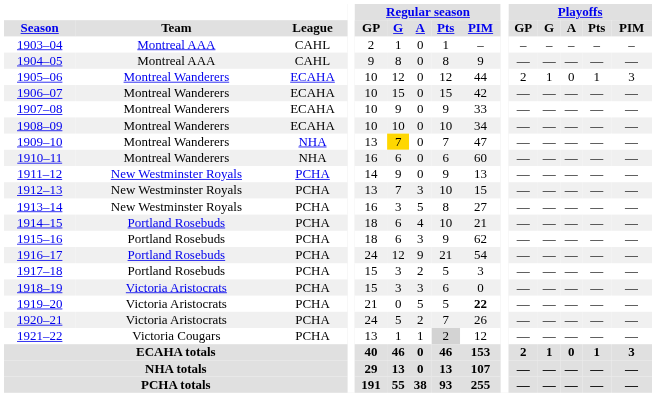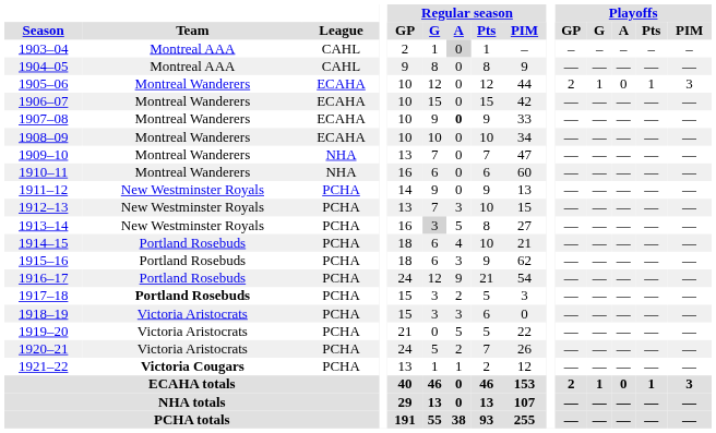 <table border="0" cellpadding="1" cellspacing="0" style="text-align:center; width:50em">
 <tr bgcolor="#e0e0e0">
 <th colspan="3" bgcolor="#ffffff"> </th>
 <th rowspan="99" bgcolor="#ffffff"> </th>
 <th colspan="5"><a href='#'>Regular season</a></th>
 <th rowspan="99" bgcolor="#ffffff"> </th>
 <th colspan="5"><a href='#'>Playoffs</a></th>
 </tr>
 <tr bgcolor="#e0e0e0">
 <th><a href='#'>Season</a></th>
 <th>Team</th>
 <th>League</th>
 <th>GP</th>
 <th><a href='#'>G</a></th>
 <th><a href='#'>A</a></th>
 <th><a href='#'>Pts</a></th>
 <th><a href='#'>PIM</a></th>
 <th>GP</th>
 <th>G</th>
 <th>A</th>
 <th>Pts</th>
 <th>PIM</th>
 </tr>
 <tr>
 <td><a href='#'>1903–04</a></td>
 <td><a href='#'>Montreal AAA</a></td>
 <td>CAHL</td>
 <td>2</td>
 <td>1</td>
-<td>0</td>
+<td style="background: lightgrey;">0</td>
 <td>1</td>
 <td>–</td>
 <td>–</td>
 <td>–</td>
 <td>–</td>
 <td>–</td>
 <td>–</td>
 </tr>
 <tr bgcolor="#f0f0f0">
 <td><a href='#'>1904–05</a></td>
 <td>Montreal AAA</td>
 <td>CAHL</td>
 <td>9</td>
 <td>8</td>
 <td>0</td>
 <td>8</td>
 <td>9</td>
 <td>—</td>
 <td>—</td>
 <td>—</td>
 <td>—</td>
 <td>—</td>
 </tr>
 <tr>
 <td><a href='#'>1905–06</a></td>
 <td><a href='#'>Montreal Wanderers</a></td>
 <td><a href='#'>ECAHA</a></td>
 <td>10</td>
 <td>12</td>
 <td>0</td>
 <td>12</td>
 <td>44</td>
 <td>2</td>
 <td>1</td>
 <td>0</td>
 <td>1</td>
 <td>3</td>
 </tr>
 <tr bgcolor="#f0f0f0">
 <td><a href='#'>1906–07</a></td>
 <td>Montreal Wanderers</td>
 <td>ECAHA</td>
 <td>10</td>
 <td>15</td>
 <td>0</td>
 <td>15</td>
 <td>42</td>
 <td>—</td>
 <td>—</td>
 <td>—</td>
 <td>—</td>
 <td>—</td>
 </tr>
 <tr>
 <td><a href='#'>1907–08</a></td>
 <td>Montreal Wanderers</td>
 <td>ECAHA</td>
 <td>10</td>
 <td>9</td>
-<td>0</td>
+<td><strong>0</strong></td>
 <td>9</td>
 <td>33</td>
 <td>—</td>
 <td>—</td>
 <td>—</td>
 <td>—</td>
 <td>—</td>
 </tr>
 <tr bgcolor="#f0f0f0">
 <td><a href='#'>1908–09</a></td>
 <td>Montreal Wanderers</td>
 <td>ECAHA</td>
 <td>10</td>
 <td>10</td>
 <td>0</td>
 <td>10</td>
 <td>34</td>
 <td>—</td>
 <td>—</td>
 <td>—</td>
 <td>—</td>
 <td>—</td>
 </tr>
 <tr>
 <td><a href='#'>1909–10</a></td>
 <td>Montreal Wanderers</td>
 <td><a href='#'>NHA</a></td>
 <td>13</td>
-<td style="background: gold;">7</td>
+<td>7</td>
 <td>0</td>
 <td>7</td>
 <td>47</td>
 <td>—</td>
 <td>—</td>
 <td>—</td>
 <td>—</td>
 <td>—</td>
 </tr>
 <tr bgcolor="#f0f0f0">
 <td><a href='#'>1910–11</a></td>
 <td>Montreal Wanderers</td>
 <td>NHA</td>
 <td>16</td>
 <td>6</td>
 <td>0</td>
 <td>6</td>
 <td>60</td>
 <td>—</td>
 <td>—</td>
 <td>—</td>
 <td>—</td>
 <td>—</td>
 </tr>
 <tr>
 <td><a href='#'>1911–12</a></td>
 <td><a href='#'>New Westminster Royals</a></td>
 <td><a href='#'>PCHA</a></td>
 <td>14</td>
 <td>9</td>
 <td>0</td>
 <td>9</td>
 <td>13</td>
 <td>—</td>
 <td>—</td>
 <td>—</td>
 <td>—</td>
 <td>—</td>
 </tr>
 <tr bgcolor="#f0f0f0">
 <td><a href='#'>1912–13</a></td>
 <td>New Westminster Royals</td>
 <td>PCHA</td>
 <td>13</td>
 <td>7</td>
 <td>3</td>
 <td>10</td>
 <td>15</td>
 <td>—</td>
 <td>—</td>
 <td>—</td>
 <td>—</td>
 <td>—</td>
 </tr>
 <tr>
 <td><a href='#'>1913–14</a></td>
 <td>New Westminster Royals</td>
 <td>PCHA</td>
 <td>16</td>
-<td>3</td>
+<td style="background: lightgrey;">3</td>
 <td>5</td>
 <td>8</td>
 <td>27</td>
 <td>—</td>
 <td>—</td>
 <td>—</td>
 <td>—</td>
 <td>—</td>
 </tr>
 <tr bgcolor="#f0f0f0">
 <td><a href='#'>1914–15</a></td>
 <td><a href='#'>Portland Rosebuds</a></td>
 <td>PCHA</td>
 <td>18</td>
 <td>6</td>
 <td>4</td>
 <td>10</td>
 <td>21</td>
 <td>—</td>
 <td>—</td>
 <td>—</td>
 <td>—</td>
 <td>—</td>
 </tr>
 <tr>
 <td><a href='#'>1915–16</a></td>
 <td>Portland Rosebuds</td>
 <td>PCHA</td>
 <td>18</td>
 <td>6</td>
 <td>3</td>
 <td>9</td>
 <td>62</td>
 <td>—</td>
 <td>—</td>
 <td>—</td>
 <td>—</td>
 <td>—</td>
 </tr>
 <tr bgcolor="#f0f0f0">
 <td><a href='#'>1916–17</a></td>
 <td><a href='#'>Portland Rosebuds</a></td>
 <td>PCHA</td>
 <td>24</td>
 <td>12</td>
 <td>9</td>
 <td>21</td>
 <td>54</td>
 <td>—</td>
 <td>—</td>
 <td>—</td>
 <td>—</td>
 <td>—</td>
 </tr>
 <tr>
 <td><a href='#'>1917–18</a></td>
-<td>Portland Rosebuds</td>
+<td><strong>Portland Rosebuds</strong></td>
 <td>PCHA</td>
 <td>15</td>
 <td>3</td>
 <td>2</td>
 <td>5</td>
 <td>3</td>
 <td>—</td>
 <td>—</td>
 <td>—</td>
 <td>—</td>
 <td>—</td>
 </tr>
 <tr bgcolor="#f0f0f0">
 <td><a href='#'>1918–19</a></td>
 <td><a href='#'>Victoria Aristocrats</a></td>
 <td>PCHA</td>
 <td>15</td>
 <td>3</td>
 <td>3</td>
 <td>6</td>
 <td>0</td>
 <td>—</td>
 <td>—</td>
 <td>—</td>
 <td>—</td>
 <td>—</td>
 </tr>
 <tr>
 <td><a href='#'>1919–20</a></td>
 <td>Victoria Aristocrats</td>
 <td>PCHA</td>
 <td>21</td>
 <td>0</td>
 <td>5</td>
 <td>5</td>
-<td><strong>22</strong></td>
+<td>22</td>
 <td>—</td>
 <td>—</td>
 <td>—</td>
 <td>—</td>
 <td>—</td>
 </tr>
 <tr bgcolor="#f0f0f0">
 <td><a href='#'>1920–21</a></td>
 <td>Victoria Aristocrats</td>
 <td>PCHA</td>
 <td>24</td>
 <td>5</td>
 <td>2</td>
 <td>7</td>
 <td>26</td>
 <td>—</td>
 <td>—</td>
 <td>—</td>
 <td>—</td>
 <td>—</td>
 </tr>
 <tr>
 <td><a href='#'>1921–22</a></td>
-<td>Victoria Cougars</td>
+<td><strong>Victoria Cougars</strong></td>
 <td>PCHA</td>
 <td>13</td>
 <td>1</td>
 <td>1</td>
-<td style="background: lightgrey;">2</td>
+<td>2</td>
 <td>12</td>
 <td>—</td>
 <td>—</td>
 <td>—</td>
 <td>—</td>
 <td>—</td>
 </tr>
 <tr bgcolor="#E0E0E0">
 <th colspan="3">ECAHA totals</th>
 <th>40</th>
 <th>46</th>
 <th>0</th>
 <th>46</th>
 <th>153</th>
 <th>2</th>
 <th>1</th>
 <th>0</th>
 <th>1</th>
 <th>3</th>
 </tr>
 <tr bgcolor="#E0E0E0">
 <th colspan="3">NHA totals</th>
 <th>29</th>
 <th>13</th>
 <th>0</th>
 <th>13</th>
 <th>107</th>
 <th>—</th>
 <th>—</th>
 <th>—</th>
 <th>—</th>
 <th>—</th>
 </tr>
 <tr bgcolor="#E0E0E0">
 <th colspan="3">PCHA totals</th>
 <th>191</th>
 <th>55</th>
 <th>38</th>
 <th>93</th>
 <th>255</th>
 <th>—</th>
 <th>—</th>
 <th>—</th>
 <th>—</th>
 <th>—</th>
 </tr>
 </table>
